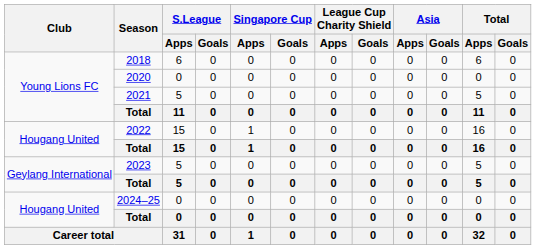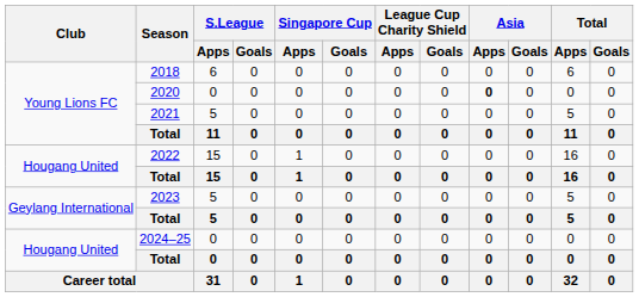 <table class="wikitable" style="text-align:center">
 <tr>
 <th rowspan="2">Club</th>
 <th rowspan="2">Season</th>
 <th colspan="2"><a href='#'>S.League</a></th>
 <th colspan="2"><a href='#'>Singapore Cup</a></th>
 <th colspan="2">League Cup <br> Charity Shield</th>
 <th colspan="2"><a href='#'>Asia</a></th>
 <th colspan="2">Total</th>
 </tr>
 <tr>
 <th>Apps</th>
 <th>Goals</th>
 <th>Apps</th>
 <th>Goals</th>
 <th>Apps</th>
 <th>Goals</th>
 <th>Apps</th>
 <th>Goals</th>
 <th>Apps</th>
 <th>Goals</th>
 </tr>
 <tr>
 <td rowspan="4"><a href='#'>Young Lions FC</a></td>
 <td><a href='#'>2018</a></td>
 <td>6</td>
 <td>0</td>
 <td>0</td>
 <td>0</td>
 <td>0</td>
 <td>0</td>
 <td>0</td>
 <td>0</td>
 <td>6</td>
 <td>0</td>
 </tr>
 <tr>
 <td><a href='#'>2020</a></td>
 <td>0</td>
 <td>0</td>
 <td>0</td>
 <td>0</td>
 <td>0</td>
 <td>0</td>
-<td>0</td>
+<td><strong>0</strong></td>
 <td>0</td>
 <td>0</td>
 <td>0</td>
 </tr>
 <tr>
 <td><a href='#'>2021</a></td>
 <td>5</td>
 <td>0</td>
 <td>0</td>
 <td>0</td>
 <td>0</td>
 <td>0</td>
 <td>0</td>
 <td>0</td>
 <td>5</td>
 <td>0</td>
 </tr>
 <tr>
 <th>Total</th>
 <th>11</th>
 <th>0</th>
 <th>0</th>
 <th>0</th>
 <th>0</th>
 <th>0</th>
 <th>0</th>
 <th>0</th>
 <th>11</th>
 <th>0</th>
 </tr>
 <tr>
 <td rowspan="2"><a href='#'>Hougang United</a></td>
 <td><a href='#'>2022</a></td>
 <td>15</td>
 <td>0</td>
 <td>1</td>
 <td>0</td>
 <td>0</td>
 <td>0</td>
 <td>0</td>
 <td>0</td>
 <td>16</td>
 <td>0</td>
 </tr>
 <tr>
 <th>Total</th>
 <th>15</th>
 <th>0</th>
 <th>1</th>
 <th>0</th>
 <th>0</th>
 <th>0</th>
 <th>0</th>
 <th>0</th>
 <th>16</th>
 <th>0</th>
 </tr>
 <tr>
 <td rowspan="2"><a href='#'>Geylang International</a></td>
 <td><a href='#'>2023</a></td>
 <td>5</td>
 <td>0</td>
 <td>0</td>
 <td>0</td>
 <td>0</td>
 <td>0</td>
 <td>0</td>
 <td>0</td>
 <td>5</td>
 <td>0</td>
 </tr>
 <tr>
 <th>Total</th>
 <th>5</th>
 <th>0</th>
 <th>0</th>
 <th>0</th>
 <th>0</th>
 <th>0</th>
 <th>0</th>
 <th>0</th>
 <th>5</th>
 <th>0</th>
 </tr>
 <tr>
 <td rowspan="2"><a href='#'>Hougang United</a></td>
 <td><a href='#'>2024–25</a></td>
 <td>0</td>
 <td>0</td>
 <td>0</td>
 <td>0</td>
 <td>0</td>
 <td>0</td>
 <td>0</td>
 <td>0</td>
 <td>0</td>
 <td>0</td>
 </tr>
 <tr>
 <th>Total</th>
 <th>0</th>
 <th>0</th>
 <th>0</th>
 <th>0</th>
 <th>0</th>
 <th>0</th>
 <th>0</th>
 <th>0</th>
 <th>0</th>
 <th>0</th>
 </tr>
 <tr>
 <th colspan="2">Career total</th>
 <th>31</th>
 <th>0</th>
 <th>1</th>
 <th>0</th>
 <th>0</th>
 <th>0</th>
 <th>0</th>
 <th>0</th>
 <th>32</th>
 <th>0</th>
 </tr>
 </table>
